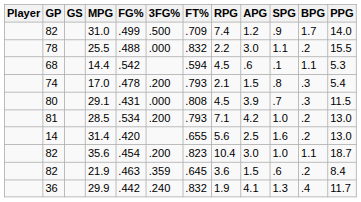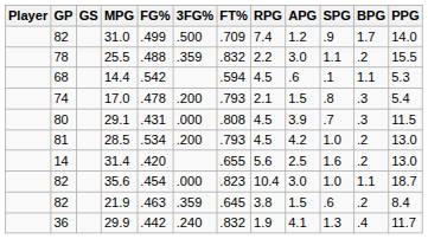 <table class="wikitable sortable" style="font-size: 90%">
 <tr>
 <th>Player</th>
 <th>GP</th>
 <th>GS</th>
 <th>MPG</th>
 <th>FG%</th>
 <th>3FG%</th>
 <th>FT%</th>
 <th>RPG</th>
 <th>APG</th>
 <th>SPG</th>
 <th>BPG</th>
 <th>PPG</th>
 </tr>
 <tr>
 <td></td>
 <td>82</td>
 <td></td>
 <td>31.0</td>
 <td>.499</td>
 <td>.500</td>
 <td>.709</td>
 <td>7.4</td>
 <td>1.2</td>
 <td>.9</td>
 <td>1.7</td>
 <td>14.0</td>
 </tr>
 <tr>
 <td></td>
 <td>78</td>
 <td></td>
 <td>25.5</td>
 <td>.488</td>
-<td>.000</td>
+<td>.359</td>
 <td>.832</td>
 <td>2.2</td>
 <td>3.0</td>
 <td>1.1</td>
 <td>.2</td>
 <td>15.5</td>
 </tr>
 <tr>
 <td></td>
 <td>68</td>
 <td></td>
 <td>14.4</td>
 <td>.542</td>
 <td></td>
 <td>.594</td>
 <td>4.5</td>
 <td>.6</td>
 <td>.1</td>
 <td>1.1</td>
 <td>5.3</td>
 </tr>
 <tr>
 <td></td>
 <td>74</td>
 <td></td>
 <td>17.0</td>
 <td>.478</td>
 <td>.200</td>
 <td>.793</td>
 <td>2.1</td>
 <td>1.5</td>
 <td>.8</td>
 <td>.3</td>
 <td>5.4</td>
 </tr>
 <tr>
 <td></td>
 <td>80</td>
 <td></td>
 <td>29.1</td>
 <td>.431</td>
 <td>.000</td>
 <td>.808</td>
 <td>4.5</td>
 <td>3.9</td>
 <td>.7</td>
 <td>.3</td>
 <td>11.5</td>
 </tr>
 <tr>
 <td></td>
 <td>81</td>
 <td></td>
 <td>28.5</td>
 <td>.534</td>
 <td>.200</td>
 <td>.793</td>
-<td>7.1</td>
+<td>4.5</td>
 <td>4.2</td>
 <td>1.0</td>
 <td>.2</td>
 <td>13.0</td>
 </tr>
 <tr>
 <td></td>
 <td>14</td>
 <td></td>
 <td>31.4</td>
 <td>.420</td>
 <td></td>
 <td>.655</td>
 <td>5.6</td>
 <td>2.5</td>
 <td>1.6</td>
 <td>.2</td>
 <td>13.0</td>
 </tr>
 <tr>
 <td></td>
 <td>82</td>
 <td></td>
 <td>35.6</td>
 <td>.454</td>
-<td>.200</td>
+<td>.000</td>
 <td>.823</td>
 <td>10.4</td>
 <td>3.0</td>
 <td>1.0</td>
 <td>1.1</td>
 <td>18.7</td>
 </tr>
 <tr>
 <td></td>
 <td>82</td>
 <td></td>
 <td>21.9</td>
 <td>.463</td>
 <td>.359</td>
 <td>.645</td>
-<td>3.6</td>
+<td>3.8</td>
 <td>1.5</td>
 <td>.6</td>
 <td>.2</td>
 <td>8.4</td>
 </tr>
 <tr>
 <td></td>
 <td>36</td>
 <td></td>
 <td>29.9</td>
 <td>.442</td>
 <td>.240</td>
 <td>.832</td>
 <td>1.9</td>
 <td>4.1</td>
 <td>1.3</td>
 <td>.4</td>
 <td>11.7</td>
 </tr>
 </table>
